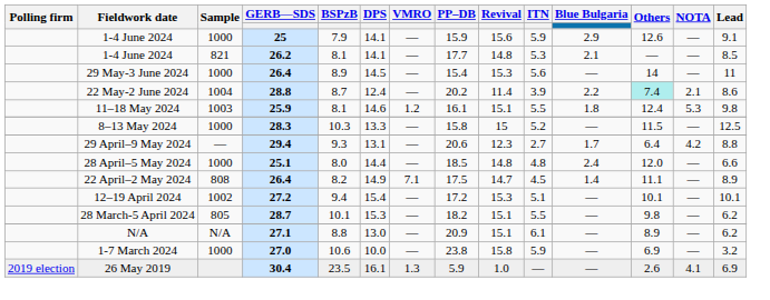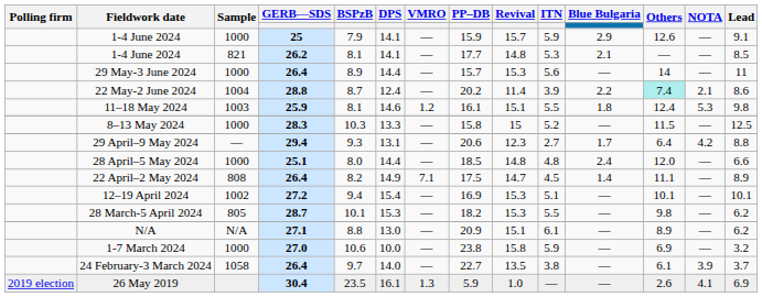 <table class="wikitable sortable" style="text-align:center;font-size:90%;line-height:14px;">
 <tr>
 <th rowspan="2">Polling firm</th>
 <th rowspan="2">Fieldwork date</th>
 <th rowspan="2">Sample</th>
 <th><a href='#'>GERB—SDS</a><br></th>
 <th><a href='#'>BSPzB</a><br></th>
 <th><a href='#'>DPS</a><br></th>
 <th><a href='#'>VMRO</a><br></th>
 <th><a href='#'>PP–DB</a><br></th>
 <th><a href='#'>Revival</a><br></th>
 <th><a href='#'>ITN</a><br></th>
 <th><a href='#'>Blue Bulgaria</a><br></th>
 <th rowspan="2"><a href='#'>Others</a></th>
 <th rowspan="2"><a href='#'>NOTA</a></th>
 <th rowspan="2">Lead</th>
 </tr>
 <tr>
 <th style="background:"></th>
 <th style="background:"></th>
 <th style="background:"></th>
 <th style="background:"></th>
 <th style="background:"></th>
 <th style="background:"></th>
 <th style="background:"></th>
 <th style="background:#0C73AD"></th>
 </tr>
 <tr>
 <td></td>
 <td data-sort-value="2024-03-28">1-4 June 2024</td>
 <td>1000</td>
 <td style="background:#CCE6FF"><strong>25</strong><br></td>
 <td>7.9<br></td>
 <td>14.1<br></td>
 <td>—</td>
 <td>15.9<br></td>
-<td>15.6<br></td>
+<td>15.7<br></td>
 <td>5.9<br></td>
 <td>2.9<br></td>
 <td>12.6</td>
 <td>—</td>
 <td class="unsortable" style="background:">9.1</td>
 </tr>
 <tr>
 <td></td>
 <td data-sort-value="2024-03-28">1-4 June 2024</td>
 <td>821</td>
 <td style="background:#CCE6FF"><strong>26.2</strong><br></td>
 <td>8.1<br></td>
 <td>14.1<br></td>
 <td>—</td>
 <td>17.7<br></td>
 <td>14.8<br></td>
 <td>5.3<br></td>
 <td>2.1<br></td>
 <td>—</td>
 <td>—</td>
 <td class="unsortable" style="background:">8.5</td>
 </tr>
 <tr>
 <td></td>
 <td data-sort-value="2024-03-28">29 May-3 June 2024</td>
 <td>1000</td>
 <td style="background:#CCE6FF"><strong>26.4</strong><br></td>
 <td>8.9<br></td>
-<td>14.5<br></td>
+<td>14.4<br></td>
 <td>—</td>
-<td>15.4<br></td>
+<td>15.7<br></td>
 <td>15.3<br></td>
 <td>5.6<br></td>
 <td>—</td>
 <td>14</td>
 <td>—</td>
 <td class="unsortable" style="background:">11</td>
 </tr>
 <tr>
 <td></td>
 <td data-sort-value="2024-03-28">22 May-2 June 2024</td>
 <td>1004</td>
 <td style="background:#CCE6FF"><strong>28.8</strong><br></td>
 <td>8.7<br></td>
 <td>12.4<br></td>
 <td>—</td>
 <td>20.2<br></td>
 <td>11.4<br></td>
 <td>3.9<br></td>
 <td>2.2<br></td>
 <td style="background: paleturquoise;">7.4</td>
 <td>2.1</td>
 <td class="unsortable" style="background:">8.6</td>
 </tr>
 <tr>
 <td></td>
 <td data-sort-value="2024-03-28">11–18 May 2024</td>
 <td>1003</td>
 <td style="background:#CCE6FF"><strong>25.9</strong><br></td>
 <td>8.1<br></td>
 <td>14.6<br></td>
 <td>1.2<br></td>
 <td>16.1<br></td>
 <td>15.1<br></td>
 <td>5.5<br></td>
 <td>1.8<br></td>
 <td>12.4</td>
 <td>5.3</td>
 <td class="unsortable" style="background:">9.8</td>
 </tr>
 <tr>
 </tr>
 <tr>
 <td></td>
 <td data-sort-value="2024-03-28">8–13 May 2024</td>
 <td>1000</td>
 <td style="background:#CCE6FF"><strong>28.3</strong><br></td>
 <td>10.3<br></td>
 <td>13.3<br></td>
 <td>—</td>
 <td>15.8<br></td>
 <td>15<br></td>
 <td>5.2<br></td>
 <td>—</td>
 <td>11.5</td>
 <td>—</td>
 <td class="unsortable" style="background:">12.5</td>
 </tr>
 <tr>
 </tr>
 <tr>
 <td></td>
 <td data-sort-value="2024-03-28">29 April–9 May 2024</td>
 <td>—</td>
 <td style="background:#CCE6FF"><strong>29.4</strong><br></td>
 <td>9.3<br></td>
 <td>13.1<br></td>
 <td>—</td>
 <td>20.6<br></td>
 <td>12.3<br></td>
 <td>2.7<br></td>
 <td>1.7<br></td>
 <td>6.4</td>
 <td>4.2</td>
 <td class="unsortable" style="background:">8.8</td>
 </tr>
 <tr>
 <td></td>
 <td data-sort-value="2024-03-28">28 April–5 May 2024</td>
 <td>1000</td>
 <td style="background:#CCE6FF"><strong>25.1</strong><br></td>
 <td>8.0<br></td>
 <td>14.4<br></td>
 <td>—</td>
 <td>18.5<br></td>
 <td>14.8<br></td>
 <td>4.8<br></td>
 <td>2.4<br></td>
 <td>12.0</td>
 <td>—</td>
 <td class="unsortable" style="background:">6.6</td>
 </tr>
 <tr>
 <td></td>
 <td data-sort-value="2024-03-28">22 April–2 May 2024</td>
 <td>808</td>
 <td style="background:#CCE6FF"><strong>26.4</strong><br></td>
 <td>8.2<br></td>
 <td>14.9<br></td>
 <td>7.1<br></td>
 <td>17.5<br></td>
 <td>14.7<br></td>
 <td>4.5<br></td>
 <td>1.4<br></td>
 <td>11.1</td>
 <td>—</td>
 <td class="unsortable" style="background:">8.9</td>
 </tr>
 <tr>
 <td></td>
 <td data-sort-value="2024-03-28">12–19 April 2024</td>
 <td>1002</td>
 <td style="background:#CCE6FF"><strong>27.2</strong><br></td>
 <td>9.4<br></td>
 <td>15.4<br></td>
 <td>—</td>
-<td>17.2<br></td>
+<td>16.9<br></td>
 <td>15.3<br></td>
 <td>5.1<br></td>
 <td>—</td>
 <td>10.1</td>
 <td>—</td>
 <td class="unsortable" style="background:">10.1</td>
 </tr>
 <tr>
 <td></td>
 <td>28 March-5 April 2024</td>
 <td>805</td>
 <td style="background:#CCE6FF"><strong>28.7</strong><br></td>
 <td>10.1<br></td>
 <td>15.3<br></td>
 <td>—</td>
 <td>18.2<br></td>
-<td>15.1<br></td>
+<td>15.3<br></td>
 <td>5.5<br></td>
 <td>—</td>
 <td>9.8</td>
 <td>—</td>
 <td class="unsortable" style="background:">6.2</td>
 </tr>
 <tr>
 </tr>
 <tr>
 <td></td>
 <td>N/A</td>
 <td>N/A</td>
 <td style="background:#CCE6FF"><strong>27.1</strong><br></td>
 <td>8.8<br></td>
 <td>13.0<br></td>
 <td>—</td>
 <td>20.9<br></td>
 <td>15.1<br></td>
 <td>6.1<br></td>
 <td>—</td>
 <td>8.9</td>
 <td>—</td>
 <td class="unsortable" style="background:">6.2</td>
 </tr>
 <tr>
 <td></td>
 <td>1-7 March 2024</td>
 <td>1000</td>
 <td style="background:#CCE6FF"><strong>27.0</strong><br></td>
 <td>10.6<br></td>
 <td>10.0<br></td>
 <td>—</td>
 <td>23.8<br></td>
 <td>15.8<br></td>
 <td>5.9<br></td>
 <td>—</td>
 <td>6.9</td>
 <td>—</td>
 <td class="unsortable" style="background:">3.2</td>
 </tr>
+<tr>
+<td></td>
+<td>24 February-3 March 2024</td>
+<td>1058</td>
+<td style="background:#CCE6FF"><strong>26.4</strong><br></td>
+<td>9.7<br></td>
+<td>14.0<br></td>
+<td>—</td>
+<td>22.7<br></td>
+<td>13.5<br></td>
+<td>3.8<br></td>
+<td>—</td>
+<td>6.1</td>
+<td>3.9</td>
+<td class="unsortable" style="background:">3.7</td>
+</tr>
 <tr style="background:#EFEFEF;">
 <td><a href='#'>2019 election</a></td>
 <td data-sort-value="2019-05-26">26 May 2019</td>
 <td></td>
 <td style="background:#CCE6FF"><strong>30.4</strong><br></td>
 <td>23.5<br></td>
 <td>16.1<br></td>
 <td>1.3<br></td>
 <td>5.9<br></td>
 <td>1.0<br></td>
 <td>—</td>
 <td>—</td>
 <td>2.6</td>
 <td>4.1</td>
 <td class="unsortable" style="background:">6.9</td>
 </tr>
 </table>
